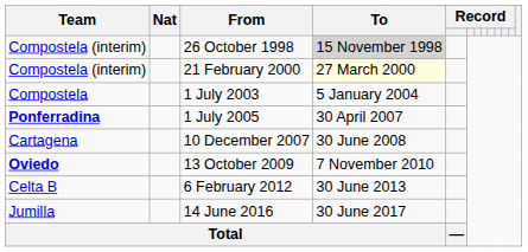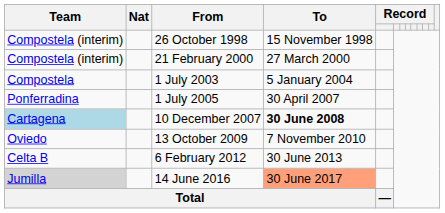 <table class="wikitable" style="text-align: center">
 <tr>
 <th rowspan="2">Team</th>
 <th rowspan="2">Nat</th>
 <th rowspan="2">From</th>
 <th rowspan="2">To</th>
 <th colspan="8">Record</th>
 <th rowspan=2></th>
 </tr>
 <tr>
 <th></th>
 <th></th>
 <th></th>
 <th></th>
 <th></th>
 <th></th>
 <th></th>
 <th></th>
 </tr>
 <tr>
 <td align=left><a href='#'>Compostela</a> (interim)</td>
 <td></td>
 <td align=left>26 October 1998</td>
-<td align=left style="background: lightgrey;">15 November 1998<br></td>
+<td align=left>15 November 1998<br></td>
 <td></td>
 </tr>
 <tr>
 <td align=left><a href='#'>Compostela</a> (interim)</td>
 <td></td>
 <td align=left>21 February 2000</td>
-<td align=left style="background: lightyellow;">27 March 2000<br></td>
+<td align=left>27 March 2000<br></td>
 <td></td>
 </tr>
 <tr>
 <td align=left><a href='#'>Compostela</a></td>
 <td></td>
 <td align=left>1 July 2003</td>
 <td align=left>5 January 2004<br></td>
 <td></td>
 </tr>
 <tr>
-<td align=left><strong><a href='#'>Ponferradina</a></strong></td>
+<td align=left><a href='#'>Ponferradina</a></td>
 <td></td>
 <td align=left>1 July 2005</td>
 <td align=left>30 April 2007<br></td>
 <td></td>
 </tr>
 <tr>
-<td align=left><a href='#'>Cartagena</a></td>
+<td align=left style="background: lightblue;"><a href='#'>Cartagena</a></td>
 <td></td>
 <td align=left>10 December 2007</td>
-<td align=left>30 June 2008<br></td>
+<td align=left><strong>30 June 2008<br></strong></td>
 <td></td>
 </tr>
 <tr>
-<td align=left><strong><a href='#'>Oviedo</a></strong></td>
+<td align=left><a href='#'>Oviedo</a></td>
 <td></td>
 <td align=left>13 October 2009</td>
 <td align=left>7 November 2010<br></td>
 <td></td>
 </tr>
 <tr>
 <td align=left><a href='#'>Celta B</a></td>
 <td></td>
 <td align=left>6 February 2012</td>
 <td align=left>30 June 2013<br></td>
 <td></td>
 </tr>
 <tr>
-<td align=left><a href='#'>Jumilla</a></td>
+<td align=left style="background: lightgrey;"><a href='#'>Jumilla</a></td>
 <td></td>
 <td align=left>14 June 2016</td>
-<td align=left>30 June 2017<br></td>
+<td align=left style="background: lightsalmon;">30 June 2017<br></td>
 <td></td>
 </tr>
 <tr>
 <th colspan="4">Total<br></th>
 <th>—</th>
 </tr>
 </table>
